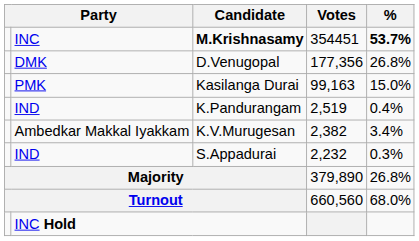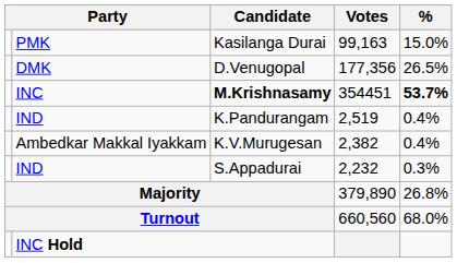 <table class="wikitable sortable">
 <tr>
 <th colspan="2">Party</th>
 <th>Candidate</th>
 <th>Votes</th>
 <th>%</th>
 </tr>
 <tr>
 <td></td>
-<td><a href='#'>INC</a></td>
-<td><strong>M.Krishnasamy</strong></td>
-<td>354451</td>
-<td><strong>53.7%</strong></td>
+<td><a href='#'>PMK</a></td>
+<td>Kasilanga Durai</td>
+<td>99,163</td>
+<td>15.0%</td>
 </tr>
 <tr>
 <td></td>
 <td><a href='#'>DMK</a></td>
 <td>D.Venugopal</td>
 <td>177,356</td>
-<td>26.8%</td>
+<td>26.5%</td>
 </tr>
 <tr>
 <td></td>
-<td><a href='#'>PMK</a></td>
-<td>Kasilanga Durai</td>
-<td>99,163</td>
-<td>15.0%</td>
+<td><a href='#'>INC</a></td>
+<td><strong>M.Krishnasamy</strong></td>
+<td>354451</td>
+<td><strong>53.7%</strong></td>
 </tr>
 <tr>
 <td bgcolor=></td>
 <td><a href='#'>IND</a></td>
 <td>K.Pandurangam</td>
 <td>2,519</td>
 <td>0.4%</td>
 </tr>
 <tr>
 <td></td>
 <td>Ambedkar Makkal Iyakkam</td>
 <td>K.V.Murugesan</td>
 <td>2,382</td>
-<td>3.4%</td>
+<td>0.4%</td>
 </tr>
 <tr>
 <td></td>
 <td><a href='#'>IND</a></td>
 <td>S.Appadurai</td>
 <td>2,232</td>
 <td>0.3%</td>
 </tr>
 <tr>
 <th colspan="3">Majority</th>
 <td>379,890</td>
 <td>26.8%</td>
 </tr>
 <tr>
 <th colspan="3"><a href='#'>Turnout</a></th>
 <td>660,560</td>
 <td>68.0%</td>
 </tr>
 <tr>
 <td></td>
 <td colspan="2"><a href='#'>INC</a> <strong>Hold</strong></td>
 <th></th>
 <td></td>
 </tr>
 </table>
